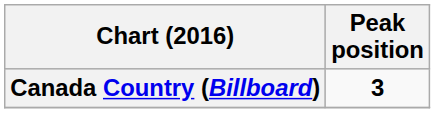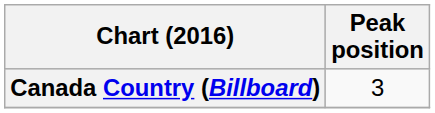 <table class="wikitable sortable plainrowheaders" style="text-align:center;">
 <tr>
 <th>Chart (2016)</th>
 <th>Peak <br> position</th>
 </tr>
 <tr>
 <th scope="row">Canada <a href='#'>Country</a> (<a href='#'><em>Billboard</em></a>)</th>
-<td><strong>3</strong></td>
+<td>3</td>
 </tr>
 <tr>
 </tr>
 </table>
